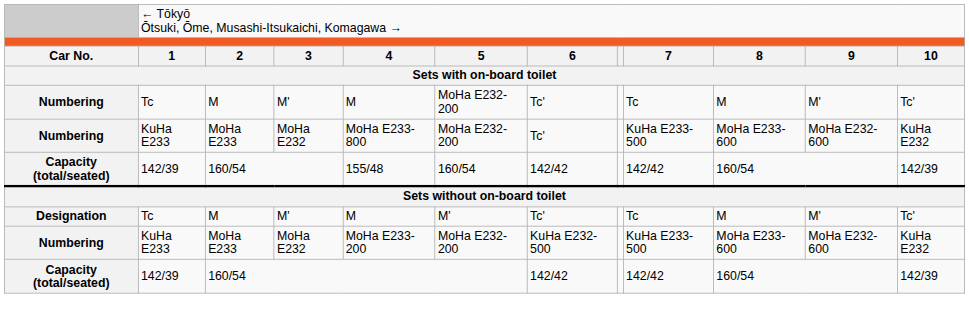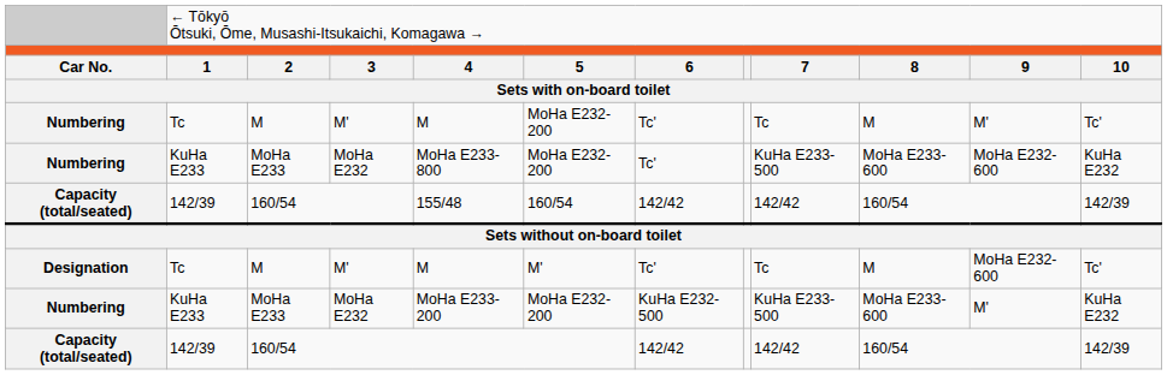 <table class="wikitable">
 <tr>
 <td style="background-color:#ccc;"> </td>
 <td colspan="11"><div>← Tōkyō</div><div>Ōtsuki, Ōme, Musashi-Itsukaichi, Komagawa →</div></td>
 </tr>
 <tr style="line-height: 10px; background-color: #F15A22;">
 <td colspan="12" style="padding:0; border:0;"> </td>
 </tr>
 <tr>
 <th>Car No.</th>
 <th>1</th>
 <th>2</th>
 <th>3</th>
 <th>4</th>
 <th>5</th>
 <th>6</th>
 <th></th>
 <th>7</th>
 <th>8</th>
 <th>9</th>
 <th>10</th>
 </tr>
 <tr>
 <th colspan="12">Sets with on-board toilet</th>
 </tr>
 <tr>
 <th>Numbering</th>
 <td>Tc</td>
 <td>M</td>
 <td>M'</td>
 <td>M</td>
 <td>MoHa E232-200</td>
 <td>Tc'</td>
 <td></td>
 <td>Tc</td>
 <td>M</td>
 <td>M'</td>
 <td>Tc'</td>
 </tr>
 <tr>
 <th>Numbering</th>
 <td>KuHa E233</td>
 <td>MoHa E233</td>
 <td>MoHa E232</td>
 <td>MoHa E233-800</td>
 <td>MoHa E232-200</td>
 <td>Tc'</td>
 <td></td>
 <td>KuHa E233-500</td>
 <td>MoHa E233-600</td>
 <td>MoHa E232-600</td>
 <td>KuHa E232</td>
 </tr>
 <tr>
 <th>Capacity (total/seated)</th>
 <td>142/39</td>
 <td colspan="2">160/54</td>
 <td>155/48</td>
 <td>160/54</td>
 <td>142/42</td>
 <td></td>
 <td>142/42</td>
 <td colspan="2">160/54</td>
 <td>142/39</td>
 </tr>
 <tr>
 <th colspan="12" style="border-top: 3px solid black;">Sets without on-board toilet</th>
 </tr>
 <tr>
 <th>Designation</th>
 <td>Tc</td>
 <td>M</td>
 <td>M'</td>
 <td>M</td>
 <td>M'</td>
 <td>Tc'</td>
 <td></td>
 <td>Tc</td>
 <td>M</td>
-<td>M'</td>
+<td>MoHa E232-600</td>
 <td>Tc'</td>
 </tr>
 <tr>
 <th>Numbering</th>
 <td>KuHa E233</td>
 <td>MoHa E233</td>
 <td>MoHa E232</td>
 <td>MoHa E233-200</td>
 <td>MoHa E232-200</td>
 <td>KuHa E232-500</td>
 <td></td>
 <td>KuHa E233-500</td>
 <td>MoHa E233-600</td>
-<td>MoHa E232-600</td>
+<td>M'</td>
 <td>KuHa E232</td>
 </tr>
 <tr>
 <th>Capacity (total/seated)</th>
 <td>142/39</td>
 <td colspan="4">160/54</td>
 <td>142/42</td>
 <td></td>
 <td>142/42</td>
 <td colspan="2">160/54</td>
 <td>142/39</td>
 </tr>
 </table>
